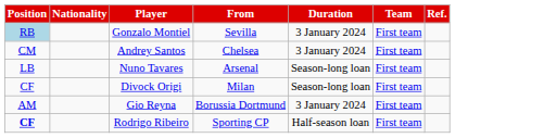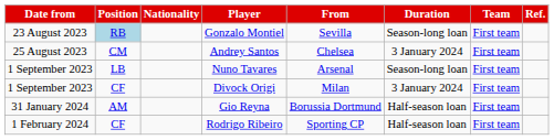 <table class="wikitable" style="text-align:center;">
 <tr>
+<th style="background:#DD0000; color:#FFFFFF; ">Date from</th>
 <th style="background:#DD0000; color:#FFFFFF; ">Position</th>
 <th style="background:#DD0000; color:#FFFFFF; ">Nationality</th>
 <th style="background:#DD0000; color:#FFFFFF; ">Player</th>
 <th style="background:#DD0000; color:#FFFFFF; ">From</th>
 <th style="background:#DD0000; color:#FFFFFF; ">Duration</th>
 <th style="background:#DD0000; color:#FFFFFF; ">Team</th>
 <th style="background:#DD0000; color:#FFFFFF; ">Ref.</th>
 </tr>
 <tr>
+<td>23 August 2023</td>
 <td style="background: lightblue;"><a href='#'>RB</a></td>
 <td></td>
 <td><a href='#'>Gonzalo Montiel</a></td>
 <td> <a href='#'>Sevilla</a></td>
-<td>3 January 2024</td>
+<td>Season-long loan</td>
 <td><a href='#'>First team</a></td>
 <td></td>
 </tr>
 <tr>
+<td>25 August 2023</td>
 <td><a href='#'>CM</a></td>
 <td></td>
 <td><a href='#'>Andrey Santos</a></td>
 <td> <a href='#'>Chelsea</a></td>
 <td>3 January 2024</td>
 <td><a href='#'>First team</a></td>
 <td></td>
 </tr>
 <tr>
+<td>1 September 2023</td>
 <td><a href='#'>LB</a></td>
 <td></td>
 <td><a href='#'>Nuno Tavares</a></td>
 <td> <a href='#'>Arsenal</a></td>
 <td>Season-long loan</td>
 <td><a href='#'>First team</a></td>
 <td></td>
 </tr>
 <tr>
+<td>1 September 2023</td>
 <td><a href='#'>CF</a></td>
 <td></td>
 <td><a href='#'>Divock Origi</a></td>
 <td> <a href='#'>Milan</a></td>
-<td>Season-long loan</td>
-<td><a href='#'>First team</a></td>
-<td></td>
-</tr>
-<tr>
-<td><a href='#'>AM</a></td>
-<td></td>
-<td><a href='#'>Gio Reyna</a></td>
-<td> <a href='#'>Borussia Dortmund</a></td>
 <td>3 January 2024</td>
 <td><a href='#'>First team</a></td>
 <td></td>
 </tr>
 <tr>
-<td><strong><a href='#'>CF</a></strong></td>
+<td>31 January 2024</td>
+<td><a href='#'>AM</a></td>
+<td></td>
+<td><a href='#'>Gio Reyna</a></td>
+<td> <a href='#'>Borussia Dortmund</a></td>
+<td>Half-season loan</td>
+<td><a href='#'>First team</a></td>
+<td></td>
+</tr>
+<tr>
+<td>1 February 2024</td>
+<td><a href='#'>CF</a></td>
 <td></td>
 <td><a href='#'>Rodrigo Ribeiro</a></td>
 <td> <a href='#'>Sporting CP</a></td>
 <td>Half-season loan</td>
 <td><a href='#'>First team</a></td>
 <td></td>
 </tr>
 </table>
